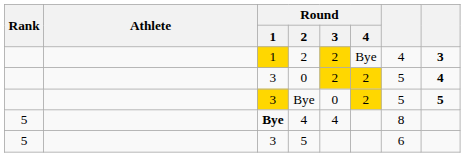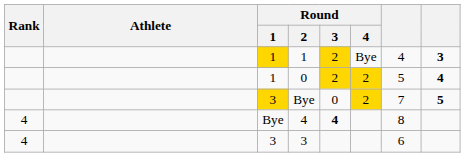 <table class="wikitable" style="text-align: center;">
 <tr>
 <th rowspan="2" width=40>Rank</th>
 <th rowspan="2" width=250>Athlete</th>
 <th colspan="4">Round</th>
 <th rowspan="2" width=40></th>
 <th rowspan="2" width=40></th>
 </tr>
 <tr>
 <th width=30>1</th>
 <th width=30>2</th>
 <th width=30>3</th>
 <th width=30>4</th>
 </tr>
 <tr>
 <td></td>
 <td align="left"></td>
 <td bgcolor=gold>1</td>
-<td>2</td>
+<td>1</td>
 <td bgcolor=gold>2</td>
 <td>Bye</td>
 <td>4</td>
 <td><strong>3</strong></td>
 </tr>
 <tr>
 <td></td>
 <td align="left"></td>
-<td>3</td>
+<td>1</td>
 <td>0</td>
 <td bgcolor=gold>2</td>
 <td bgcolor=gold>2</td>
 <td>5</td>
 <td><strong>4</strong></td>
 </tr>
 <tr>
 <td></td>
 <td align="left"></td>
 <td bgcolor=gold>3</td>
 <td>Bye</td>
 <td>0</td>
 <td bgcolor=gold>2</td>
-<td>5</td>
+<td>7</td>
 <td><strong>5</strong></td>
 </tr>
 <tr>
-<td>5</td>
+<td>4</td>
 <td align="left"></td>
-<td><strong>Bye</strong></td>
+<td>Bye</td>
 <td>4</td>
-<td>4</td>
+<td><strong>4</strong></td>
 <td></td>
 <td>8</td>
 <td></td>
 </tr>
 <tr>
-<td>5</td>
+<td>4</td>
 <td align="left"></td>
 <td>3</td>
-<td>5</td>
+<td>3</td>
 <td></td>
 <td></td>
 <td>6</td>
 <td></td>
 </tr>
 </table>
